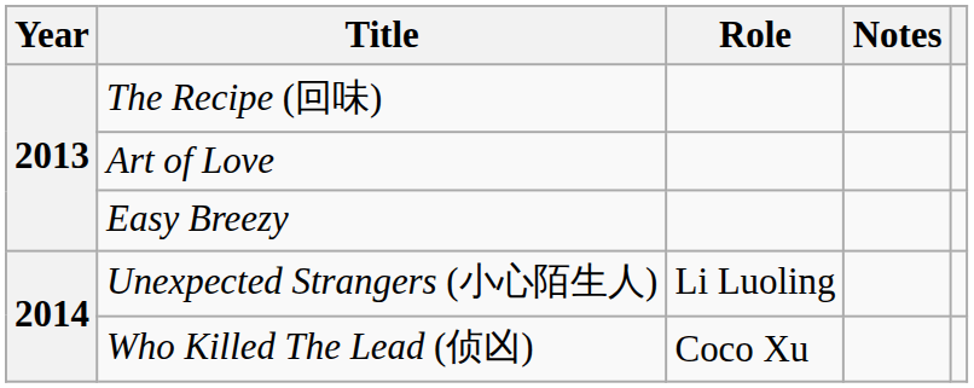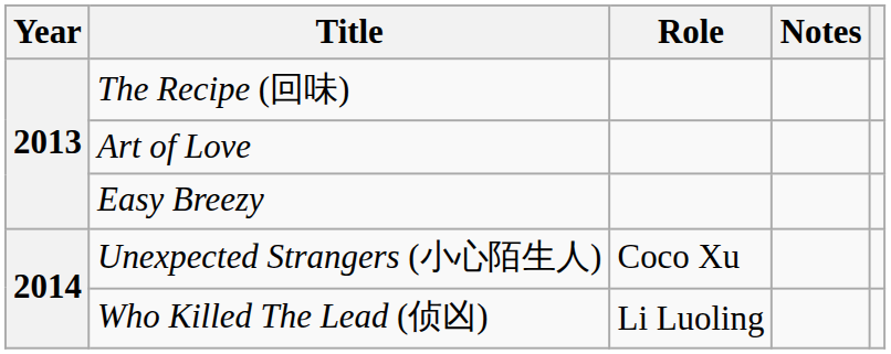 <table class="wikitable sortable plainrowheaders">
 <tr>
 <th scope="col">Year</th>
 <th scope="col">Title</th>
 <th scope="col">Role</th>
 <th scope="col" class="unsortable">Notes</th>
 <th scope="col" class="unsortable"></th>
 </tr>
 <tr>
 <th scope="row" rowspan="3">2013</th>
 <td><em>The Recipe</em> (回味)</td>
 <td></td>
 <td></td>
 <td></td>
 </tr>
 <tr>
 <td><em>Art of Love</em></td>
 <td></td>
 <td></td>
 <td></td>
 </tr>
 <tr>
 <td><em>Easy Breezy</em></td>
 <td></td>
 <td></td>
 <td></td>
 </tr>
 <tr>
 <th scope="row" rowspan="2">2014</th>
 <td><em>Unexpected Strangers</em> (小心陌生人)</td>
-<td>Li Luoling</td>
+<td>Coco Xu</td>
 <td></td>
 <td></td>
 </tr>
 <tr>
 <td><em> Who Killed The Lead</em>  (侦凶)</td>
-<td>Coco Xu</td>
+<td>Li Luoling</td>
 <td></td>
 <td></td>
 </tr>
 </table>
